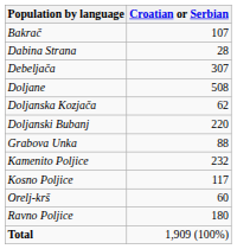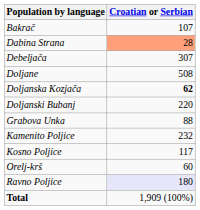 <table class="wikitable sortable">
 <tr>
 <th>Population by language</th>
 <th><a href='#'>Croatian</a> or <a href='#'>Serbian</a></th>
 </tr>
 <tr>
 <td><em>Bakrač</em></td>
 <td align="right">107</td>
 </tr>
 <tr>
 <td><em>Dabina Strana</em></td>
-<td align="right">28</td>
+<td align="right" style="background: lightsalmon;">28</td>
 </tr>
 <tr>
 <td><em>Debeljača</em></td>
 <td align="right">307</td>
 </tr>
 <tr>
 <td><em>Doljane</em></td>
 <td align="right">508</td>
 </tr>
 <tr>
 <td><em>Doljanska Kozjača</em></td>
-<td align="right">62</td>
+<td align="right"><strong>62</strong></td>
 </tr>
 <tr>
 <td><em>Doljanski Bubanj</em></td>
 <td align="right">220</td>
 </tr>
 <tr>
 <td><em>Grabova Unka</em></td>
 <td align="right">88</td>
 </tr>
 <tr>
 <td><em>Kamenito Poljice</em></td>
 <td align="right">232</td>
 </tr>
 <tr>
 <td><em>Kosno Poljice</em></td>
 <td align="right">117</td>
 </tr>
 <tr>
 <td><em>Orelj-krš</em></td>
 <td align="right">60</td>
 </tr>
 <tr>
 <td><em>Ravno Poljice</em></td>
-<td align="right">180</td>
+<td align="right" style="background: lavender;">180</td>
 </tr>
 <tr>
 <td><strong>Total</strong></td>
 <td align="right">1,909 (100%)</td>
 </tr>
 </table>
